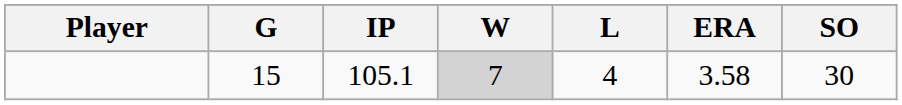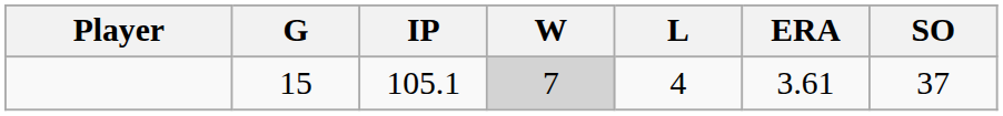 <table class="wikitable sortable">
 <tr>
 <th bgcolor="#DDDDFF" width="16%">Player</th>
 <th bgcolor="#DDDDFF" width="9%">G</th>
 <th bgcolor="#DDDDFF" width="9%">IP</th>
 <th bgcolor="#DDDDFF" width="9%">W</th>
 <th bgcolor="#DDDDFF" width="9%">L</th>
 <th bgcolor="#DDDDFF" width="9%">ERA</th>
 <th bgcolor="#DDDDFF" width="9%">SO</th>
 </tr>
 <tr align="center">
 <td></td>
 <td>15</td>
 <td>105.1</td>
 <td style="background: lightgrey;">7</td>
 <td>4</td>
-<td>3.58</td>
-<td>30</td>
+<td>3.61</td>
+<td>37</td>
 </tr>
 </table>
